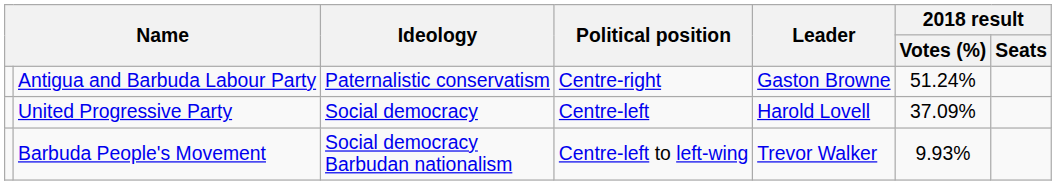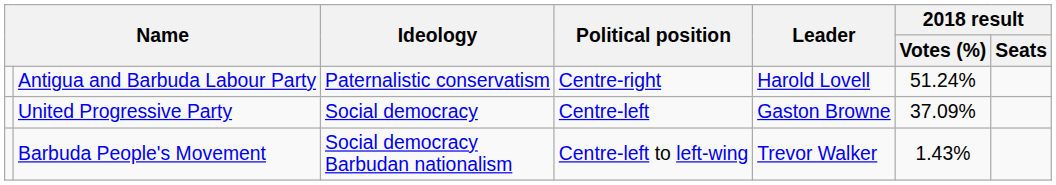 <table class="wikitable" style="text-align:left">
 <tr>
 <th colspan="2" rowspan="2">Name</th>
 <th rowspan="2">Ideology</th>
 <th rowspan="2">Political position</th>
 <th rowspan="2">Leader</th>
 <th colspan="2">2018 result</th>
 </tr>
 <tr>
 <th>Votes (%)</th>
 <th>Seats</th>
 </tr>
 <tr>
 <td style="background:"></td>
 <td><a href='#'>Antigua and Barbuda Labour Party</a></td>
 <td><a href='#'>Paternalistic conservatism</a></td>
 <td><a href='#'>Centre-right</a></td>
-<td><a href='#'>Gaston Browne</a></td>
+<td><a href='#'>Harold Lovell</a></td>
 <td style="text-align:center">51.24%</td>
 <td></td>
 </tr>
 <tr>
 <td style="background:"></td>
 <td><a href='#'>United Progressive Party</a></td>
 <td><a href='#'>Social democracy</a></td>
 <td><a href='#'>Centre-left</a></td>
-<td><a href='#'>Harold Lovell</a></td>
+<td><a href='#'>Gaston Browne</a></td>
 <td style="text-align:center">37.09%</td>
 <td></td>
 </tr>
 <tr>
 <td style="background:"></td>
 <td><a href='#'>Barbuda People's Movement</a></td>
 <td><a href='#'>Social democracy</a><br><a href='#'>Barbudan nationalism</a></td>
 <td><a href='#'>Centre-left</a> to <a href='#'>left-wing</a></td>
 <td><a href='#'>Trevor Walker</a></td>
-<td style="text-align:center">9.93%</td>
+<td style="text-align:center">1.43%</td>
 <td></td>
 </tr>
 </table>
